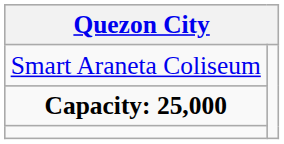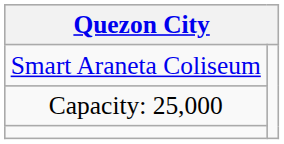 <table class="wikitable" style="text-align:center">
 <tr>
 <th colspan=2><a href='#'>Quezon City</a></th>
 </tr>
 <tr>
 <td><a href='#'>Smart Araneta Coliseum</a></td>
 <td rowspan=3></td>
 </tr>
 <tr>
-<td><strong>Capacity: 25,000</strong></td>
+<td>Capacity: 25,000</td>
 </tr>
 <tr>
 <td></td>
 </tr>
 </table>
